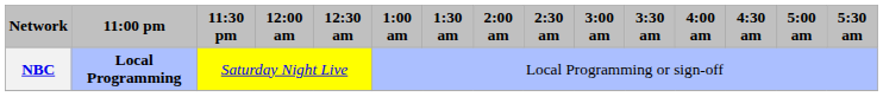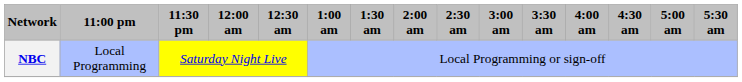 <table class="wikitable" style="width:100%;margin-right:0;text-align:center">
 <tr>
 <th style="background-color:#C0C0C0;text-align:center" colspan="2">Network</th>
 <th style="background-color:#C0C0C0;text-align:center">11:00 pm</th>
 <th style="background-color:#C0C0C0;text-align:center">11:30 pm</th>
 <th style="background-color:#C0C0C0;text-align:center">12:00 am</th>
 <th style="background-color:#C0C0C0;text-align:center">12:30 am</th>
 <th style="background-color:#C0C0C0;text-align:center">1:00 am</th>
 <th style="background-color:#C0C0C0;text-align:center">1:30 am</th>
 <th style="background-color:#C0C0C0;text-align:center">2:00 am</th>
 <th style="background-color:#C0C0C0;text-align:center">2:30 am</th>
 <th style="background-color:#C0C0C0;text-align:center">3:00 am</th>
 <th style="background-color:#C0C0C0;text-align:center">3:30 am</th>
 <th style="background-color:#C0C0C0;text-align:center">4:00 am</th>
 <th style="background-color:#C0C0C0;text-align:center">4:30 am</th>
 <th style="background-color:#C0C0C0;text-align:center">5:00 am</th>
 <th style="background-color:#C0C0C0;text-align:center">5:30 am</th>
 </tr>
 <tr>
 <th colspan="2"><a href='#'>NBC</a></th>
-<td style="background:#abbfff"><strong>Local Programming</strong></td>
+<td style="background:#abbfff">Local Programming</td>
 <td colspan="3" style="background:yellow"><em><a href='#'>Saturday Night Live</a></em></td>
 <td colspan="10" style="background:#abbfff">Local Programming or sign-off</td>
 </tr>
 <tr>
 </tr>
 </table>
